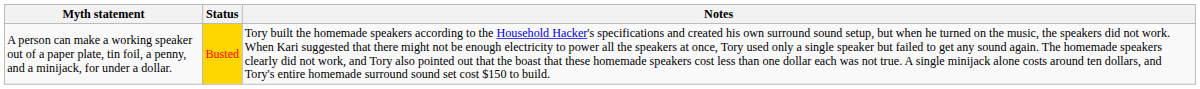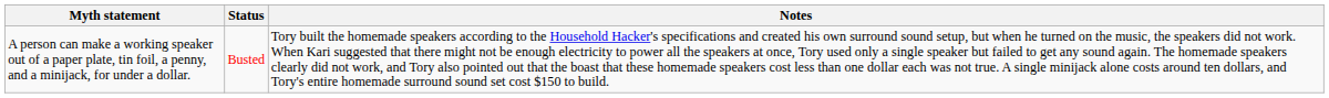 <table class="wikitable plainrowheaders">
 <tr>
 <th>Myth statement</th>
 <th>Status</th>
 <th>Notes</th>
 </tr>
 <tr>
 <td>A person can make a working speaker out of a paper plate, tin foil, a penny, and a minijack, for under a dollar.</td>
-<td style="background: gold; color:red">Busted</td>
+<td style="color:red">Busted</td>
 <td>Tory built the homemade speakers according to the <a href='#'>Household Hacker</a>'s specifications and created his own surround sound setup, but when he turned on the music, the speakers did not work. When Kari suggested that there might not be enough electricity to power all the speakers at once, Tory used only a single speaker but failed to get any sound again. The homemade speakers clearly did not work, and Tory also pointed out that the boast that these homemade speakers cost less than one dollar each was not true. A single minijack alone costs around ten dollars, and Tory's entire homemade surround sound set cost $150 to build.</td>
 </tr>
 </table>
